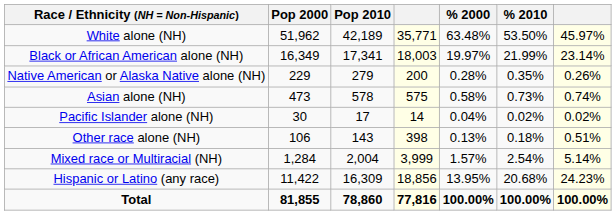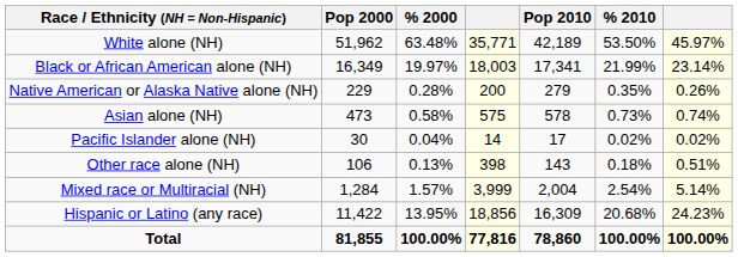 <table class="wikitable" style="text-align:center;">
 <tr>
 <th>Race / Ethnicity <small>(<em>NH = Non-Hispanic</em>)</small></th>
 <th>Pop 2000</th>
+<th>% 2000</th>
+<th></th>
 <th>Pop 2010</th>
-<th></th>
-<th>% 2000</th>
 <th>% 2010</th>
 <th></th>
 </tr>
 <tr>
 <td><a href='#'>White</a> alone (NH)</td>
 <td>51,962</td>
+<td>63.48%</td>
+<td style='background: #ffffe6;'>35,771</td>
 <td>42,189</td>
-<td style='background: #ffffe6;'>35,771</td>
-<td>63.48%</td>
 <td>53.50%</td>
 <td style='background: #ffffe6;'>45.97%</td>
 </tr>
 <tr>
 <td><a href='#'>Black or African American</a> alone (NH)</td>
 <td>16,349</td>
+<td>19.97%</td>
+<td style='background: #ffffe6;'>18,003</td>
 <td>17,341</td>
-<td style='background: #ffffe6;'>18,003</td>
-<td>19.97%</td>
 <td>21.99%</td>
 <td style='background: #ffffe6;'>23.14%</td>
 </tr>
 <tr>
 <td><a href='#'>Native American</a> or <a href='#'>Alaska Native</a> alone (NH)</td>
 <td>229</td>
+<td>0.28%</td>
+<td style='background: #ffffe6;'>200</td>
 <td>279</td>
-<td style='background: #ffffe6;'>200</td>
-<td>0.28%</td>
 <td>0.35%</td>
 <td style='background: #ffffe6;'>0.26%</td>
 </tr>
 <tr>
 <td><a href='#'>Asian</a> alone (NH)</td>
 <td>473</td>
+<td>0.58%</td>
+<td style='background: #ffffe6;'>575</td>
 <td>578</td>
-<td style='background: #ffffe6;'>575</td>
-<td>0.58%</td>
 <td>0.73%</td>
 <td style='background: #ffffe6;'>0.74%</td>
 </tr>
 <tr>
 <td><a href='#'>Pacific Islander</a> alone (NH)</td>
 <td>30</td>
+<td>0.04%</td>
+<td style='background: #ffffe6;'>14</td>
 <td>17</td>
-<td style='background: #ffffe6;'>14</td>
-<td>0.04%</td>
 <td>0.02%</td>
 <td style='background: #ffffe6;'>0.02%</td>
 </tr>
 <tr>
 <td><a href='#'>Other race</a> alone (NH)</td>
 <td>106</td>
+<td>0.13%</td>
+<td style='background: #ffffe6;'>398</td>
 <td>143</td>
-<td style='background: #ffffe6;'>398</td>
-<td>0.13%</td>
 <td>0.18%</td>
 <td style='background: #ffffe6;'>0.51%</td>
 </tr>
 <tr>
 <td><a href='#'>Mixed race or Multiracial</a> (NH)</td>
 <td>1,284</td>
+<td>1.57%</td>
+<td style='background: #ffffe6;'>3,999</td>
 <td>2,004</td>
-<td style='background: #ffffe6;'>3,999</td>
-<td>1.57%</td>
 <td>2.54%</td>
 <td style='background: #ffffe6;'>5.14%</td>
 </tr>
 <tr>
 <td><a href='#'>Hispanic or Latino</a> (any race)</td>
 <td>11,422</td>
+<td>13.95%</td>
+<td style='background: #ffffe6;'>18,856</td>
 <td>16,309</td>
-<td style='background: #ffffe6;'>18,856</td>
-<td>13.95%</td>
 <td>20.68%</td>
 <td style='background: #ffffe6;'>24.23%</td>
 </tr>
 <tr>
 <td><strong>Total</strong></td>
 <td><strong>81,855</strong></td>
+<td><strong>100.00%</strong></td>
+<td style='background: #ffffe6;'><strong>77,816</strong></td>
 <td><strong>78,860</strong></td>
-<td style='background: #ffffe6;'><strong>77,816</strong></td>
-<td><strong>100.00%</strong></td>
 <td><strong>100.00%</strong></td>
 <td style='background: #ffffe6;'><strong>100.00%</strong></td>
 </tr>
 </table>
